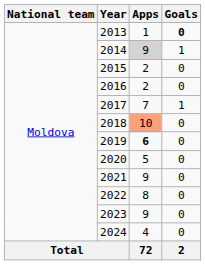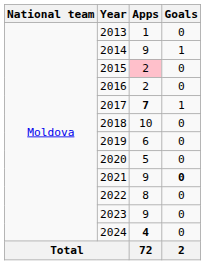 <table class="wikitable" style="text-align:center">
 <tr>
 <th>National team</th>
 <th>Year</th>
 <th>Apps</th>
 <th>Goals</th>
 </tr>
 <tr>
 <td rowspan=12><a href='#'>Moldova</a></td>
 <td>2013</td>
 <td>1</td>
-<td><strong>0</strong></td>
+<td>0</td>
 </tr>
 <tr>
 <td>2014</td>
-<td style="background: lightgrey;">9</td>
+<td>9</td>
 <td>1</td>
 </tr>
 <tr>
 <td>2015</td>
-<td>2</td>
+<td style="background: pink;">2</td>
 <td>0</td>
 </tr>
 <tr>
 <td>2016</td>
 <td>2</td>
 <td>0</td>
 </tr>
 <tr>
 <td>2017</td>
-<td>7</td>
+<td><strong>7</strong></td>
 <td>1</td>
 </tr>
 <tr>
 <td>2018</td>
-<td style="background: lightsalmon;">10</td>
+<td>10</td>
 <td>0</td>
 </tr>
 <tr>
 <td>2019</td>
-<td><strong>6</strong></td>
+<td>6</td>
 <td>0</td>
 </tr>
 <tr>
 <td>2020</td>
 <td>5</td>
 <td>0</td>
 </tr>
 <tr>
 <td>2021</td>
 <td>9</td>
-<td>0</td>
+<td><strong>0</strong></td>
 </tr>
 <tr>
 <td>2022</td>
 <td>8</td>
 <td>0</td>
 </tr>
 <tr>
 <td>2023</td>
 <td>9</td>
 <td>0</td>
 </tr>
 <tr>
 <td>2024</td>
-<td>4</td>
+<td><strong>4</strong></td>
 <td>0</td>
 </tr>
 <tr>
 <th colspan=2>Total</th>
 <th>72</th>
 <th>2</th>
 </tr>
 </table>
